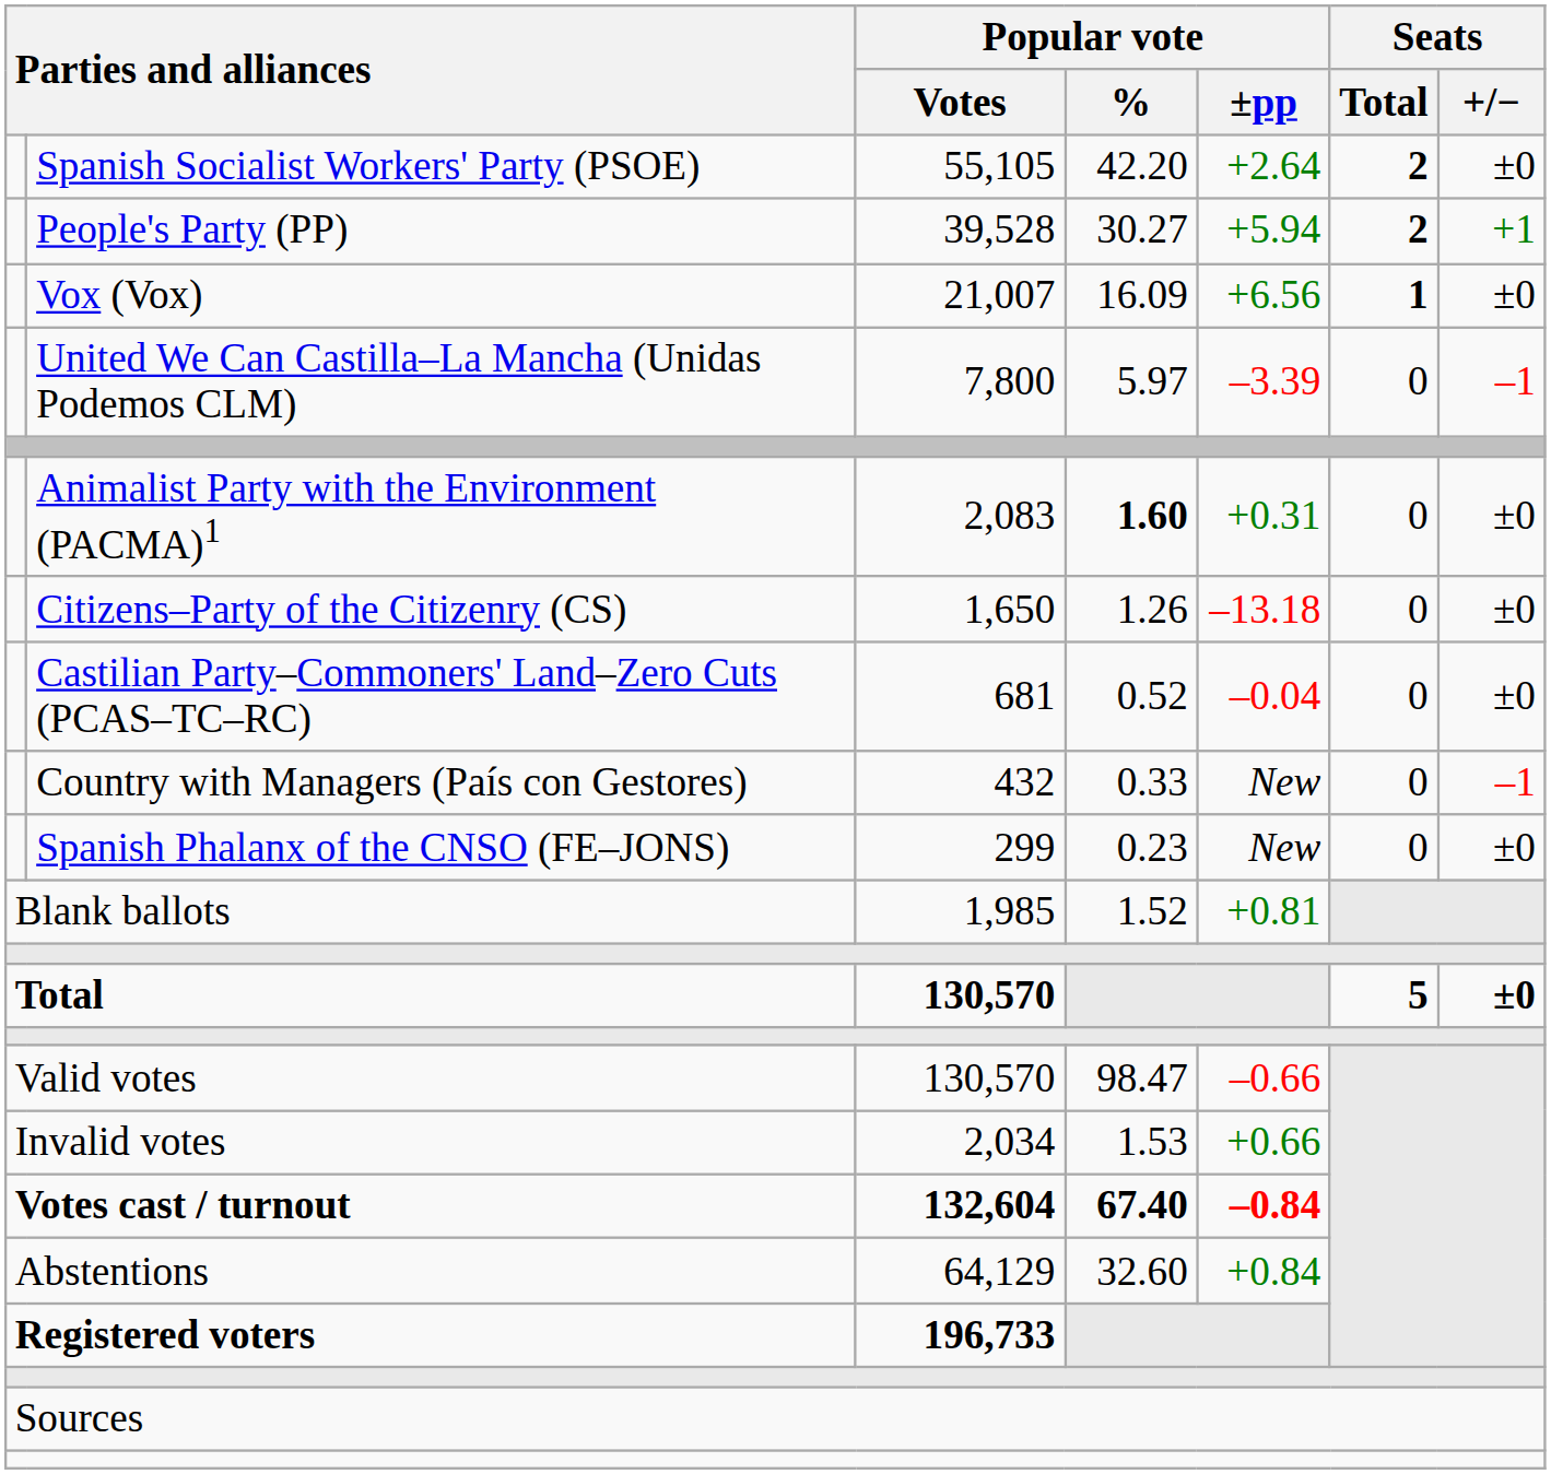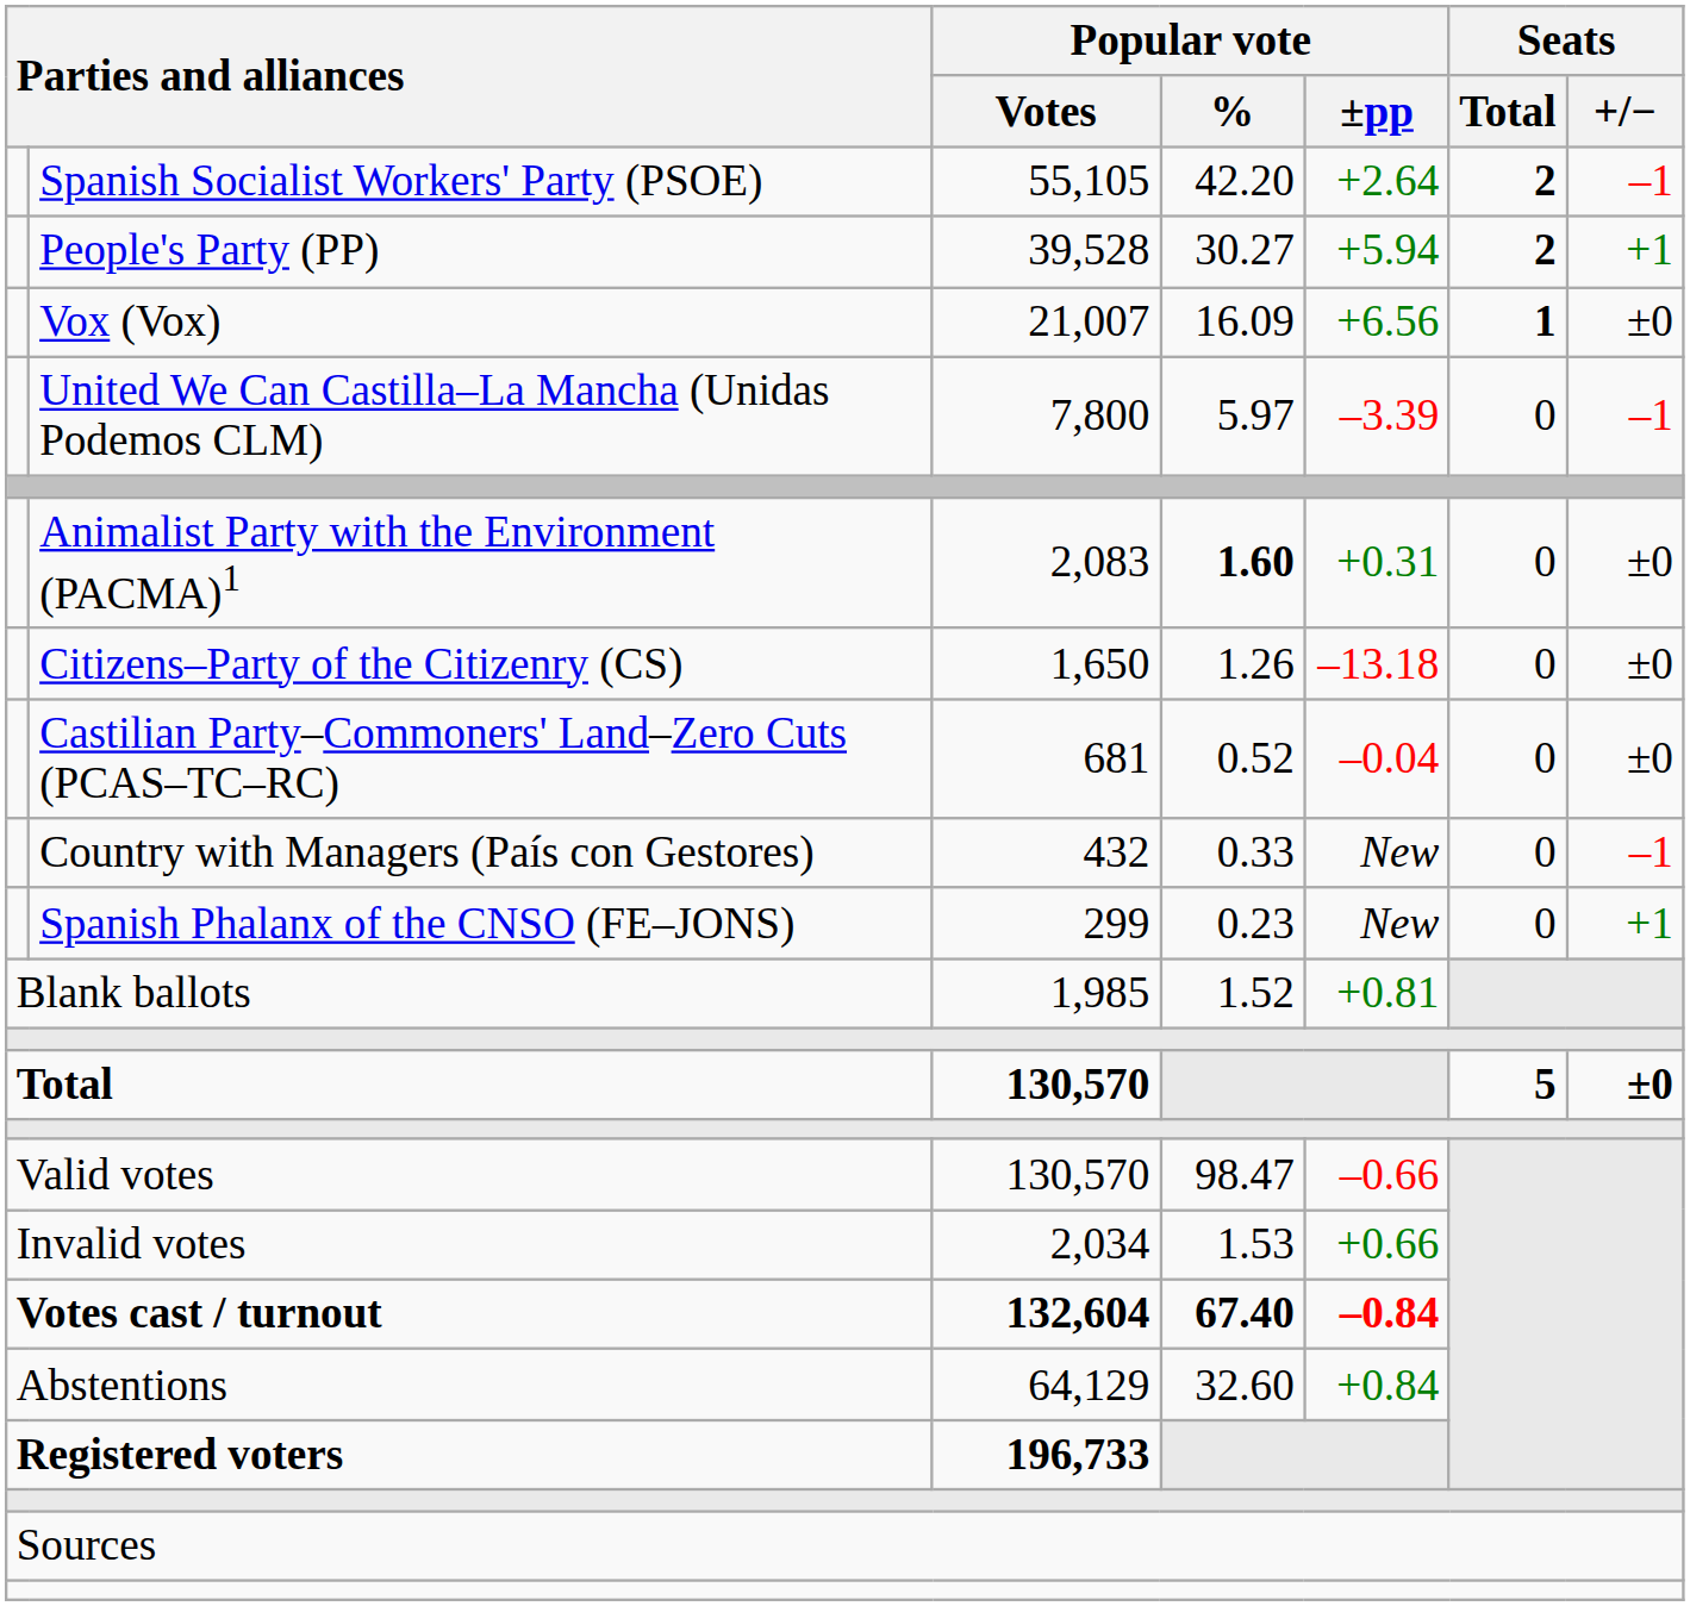 <table class="wikitable" style="text-align:right;">
 <tr>
 <th style="text-align:left;" rowspan="2" colspan="2" width="525">Parties and alliances</th>
 <th colspan="3">Popular vote</th>
 <th colspan="2">Seats</th>
 </tr>
 <tr>
 <th width="75">Votes</th>
 <th width="45">%</th>
 <th width="45">±<a href='#'>pp</a></th>
 <th width="35">Total</th>
 <th width="35">+/−</th>
 </tr>
 <tr>
 <td width="1" style="color:inherit;background:"></td>
 <td align="left"><a href='#'>Spanish Socialist Workers' Party</a> (PSOE)</td>
 <td>55,105</td>
 <td>42.20</td>
 <td style="color:green;">+2.64</td>
 <td><strong>2</strong></td>
-<td>±0</td>
+<td style="color:red;">–1</td>
 </tr>
 <tr>
 <td style="color:inherit;background:"></td>
 <td align="left"><a href='#'>People's Party</a> (PP)</td>
 <td>39,528</td>
 <td>30.27</td>
 <td style="color:green;">+5.94</td>
 <td><strong>2</strong></td>
 <td style="color:green;">+1</td>
 </tr>
 <tr>
 <td style="color:inherit;background:"></td>
 <td align="left"><a href='#'>Vox</a> (Vox)</td>
 <td>21,007</td>
 <td>16.09</td>
 <td style="color:green;">+6.56</td>
 <td><strong>1</strong></td>
 <td>±0</td>
 </tr>
 <tr>
 <td style="color:inherit;background:"></td>
 <td align="left"><a href='#'>United We Can Castilla–La Mancha</a> (Unidas Podemos CLM)</td>
 <td>7,800</td>
 <td>5.97</td>
 <td style="color:red;">–3.39</td>
 <td>0</td>
 <td style="color:red;">–1</td>
 </tr>
 <tr>
 <td colspan="7" bgcolor="#C0C0C0"></td>
 </tr>
 <tr>
 <td style="color:inherit;background:"></td>
 <td align="left"><a href='#'>Animalist Party with the Environment</a> (PACMA)<sup>1</sup></td>
 <td>2,083</td>
 <td><strong>1.60</strong></td>
 <td style="color:green;">+0.31</td>
 <td>0</td>
 <td>±0</td>
 </tr>
 <tr>
 <td style="color:inherit;background:"></td>
 <td align="left"><a href='#'>Citizens–Party of the Citizenry</a> (CS)</td>
 <td>1,650</td>
 <td>1.26</td>
 <td style="color:red;">–13.18</td>
 <td>0</td>
 <td>±0</td>
 </tr>
 <tr>
 <td style="color:inherit;background:"></td>
 <td align="left"><a href='#'>Castilian Party</a>–<a href='#'>Commoners' Land</a>–<a href='#'>Zero Cuts</a> (PCAS–TC–RC)</td>
 <td>681</td>
 <td>0.52</td>
 <td style="color:red;">–0.04</td>
 <td>0</td>
 <td>±0</td>
 </tr>
 <tr>
 <td style="color:inherit;background:"></td>
 <td align="left">Country with Managers (País con Gestores)</td>
 <td>432</td>
 <td>0.33</td>
 <td><em>New</em></td>
 <td>0</td>
 <td style="color:red;">–1</td>
 </tr>
 <tr>
 <td style="color:inherit;background:"></td>
 <td align="left"><a href='#'>Spanish Phalanx of the CNSO</a> (FE–JONS)</td>
 <td>299</td>
 <td>0.23</td>
 <td><em>New</em></td>
 <td>0</td>
-<td>±0</td>
+<td style="color:green;">+1</td>
 </tr>
 <tr>
 <td align="left" colspan="2">Blank ballots</td>
 <td>1,985</td>
 <td>1.52</td>
 <td style="color:green;">+0.81</td>
 <td bgcolor="#E9E9E9" colspan="2"></td>
 </tr>
 <tr>
 <td colspan="7" bgcolor="#E9E9E9"></td>
 </tr>
 <tr style="font-weight:bold;">
 <td align="left" colspan="2">Total</td>
 <td>130,570</td>
 <td bgcolor="#E9E9E9" colspan="2"></td>
 <td>5</td>
 <td>±0</td>
 </tr>
 <tr>
 <td colspan="7" bgcolor="#E9E9E9"></td>
 </tr>
 <tr>
 <td align="left" colspan="2">Valid votes</td>
 <td>130,570</td>
 <td>98.47</td>
 <td style="color:red;">–0.66</td>
 <td bgcolor="#E9E9E9" colspan="2" rowspan="5"></td>
 </tr>
 <tr>
 <td align="left" colspan="2">Invalid votes</td>
 <td>2,034</td>
 <td>1.53</td>
 <td style="color:green;">+0.66</td>
 </tr>
 <tr style="font-weight:bold;">
 <td align="left" colspan="2">Votes cast / turnout</td>
 <td>132,604</td>
 <td>67.40</td>
 <td style="color:red;">–0.84</td>
 </tr>
 <tr>
 <td align="left" colspan="2">Abstentions</td>
 <td>64,129</td>
 <td>32.60</td>
 <td style="color:green;">+0.84</td>
 </tr>
 <tr style="font-weight:bold;">
 <td align="left" colspan="2">Registered voters</td>
 <td>196,733</td>
 <td bgcolor="#E9E9E9" colspan="2"></td>
 </tr>
 <tr>
 <td colspan="7" bgcolor="#E9E9E9"></td>
 </tr>
 <tr>
 <td align="left" colspan="7">Sources</td>
 </tr>
 <tr>
 <td colspan="7" style="text-align:left; max-width:790px;"></td>
 </tr>
 </table>
